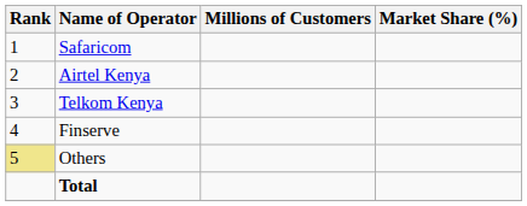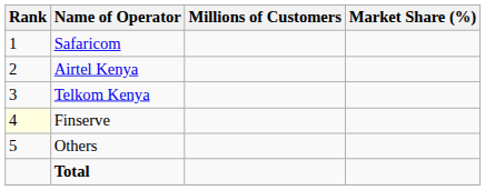 <table class="wikitable sortable" style="margin: 0.5em auto">
 <tr>
 <th>Rank</th>
 <th>Name of Operator</th>
 <th>Millions of Customers</th>
 <th>Market Share (%)</th>
 </tr>
 <tr>
 <td>1</td>
 <td><a href='#'>Safaricom</a></td>
 <td></td>
 <td></td>
 </tr>
 <tr>
 <td>2</td>
 <td><a href='#'>Airtel Kenya</a></td>
 <td></td>
 <td></td>
 </tr>
 <tr>
 <td>3</td>
 <td><a href='#'>Telkom Kenya</a></td>
 <td></td>
 <td></td>
 </tr>
 <tr>
-<td>4</td>
+<td style="background: lightyellow;">4</td>
 <td>Finserve</td>
 <td></td>
 <td></td>
 </tr>
 <tr>
-<td style="background: khaki;">5</td>
+<td>5</td>
 <td>Others</td>
 <td></td>
 <td></td>
 </tr>
 <tr>
 <td></td>
 <td><strong>Total</strong></td>
 <td></td>
 <td></td>
 </tr>
 <tr>
 </tr>
 </table>
